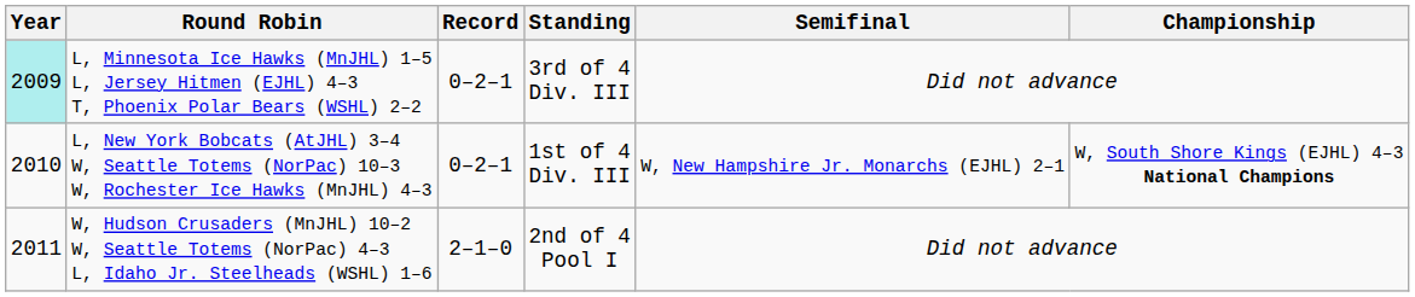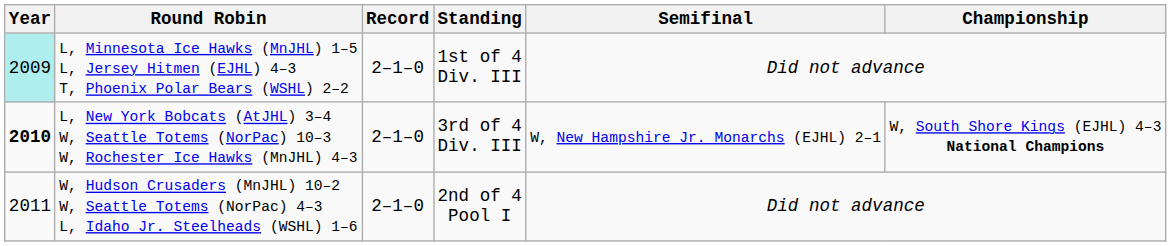 <table class="wikitable" style="text-align:center">
 <tr>
 <th>Year</th>
 <th>Round Robin</th>
 <th>Record</th>
 <th>Standing</th>
 <th>Semifinal</th>
 <th>Championship</th>
 </tr>
 <tr align=center>
 <td style="background: paleturquoise;">2009</td>
 <td align=left><small>L, <a href='#'>Minnesota Ice Hawks</a> (<a href='#'>MnJHL</a>) 1–5<br>L, <a href='#'>Jersey Hitmen</a> (<a href='#'>EJHL</a>) 4–3<br>T, <a href='#'>Phoenix Polar Bears</a> (<a href='#'>WSHL</a>) 2–2</small></td>
-<td>0–2–1</td>
-<td>3rd of 4<br>Div. III</td>
+<td>2–1–0</td>
+<td>1st of 4<br>Div. III</td>
 <td colspan=2><em>Did not advance</em></td>
 </tr>
 <tr>
-<td>2010</td>
+<td><strong>2010</strong></td>
 <td align=left><small>L, <a href='#'>New York Bobcats</a> (<a href='#'>AtJHL</a>) 3–4<br>W, <a href='#'>Seattle Totems</a> (<a href='#'>NorPac</a>) 10–3<br>W, <a href='#'>Rochester Ice Hawks</a> (MnJHL) 4–3</small></td>
-<td>0–2–1</td>
-<td>1st of 4<br>Div. III</td>
+<td>2–1–0</td>
+<td>3rd of 4<br>Div. III</td>
 <td><small>W, <a href='#'>New Hampshire Jr. Monarchs</a> (EJHL) 2–1</small></td>
 <td><small>W, <a href='#'>South Shore Kings</a> (EJHL) 4–3<br><strong>National Champions</strong></small></td>
 </tr>
 <tr>
 <td>2011</td>
 <td align=left><small>W, <a href='#'>Hudson Crusaders</a> (MnJHL) 10–2<br>W, <a href='#'>Seattle Totems</a> (NorPac) 4–3<br>L, <a href='#'>Idaho Jr. Steelheads</a> (WSHL) 1–6</small></td>
 <td>2–1–0</td>
 <td>2nd of 4<br>Pool I</td>
 <td colspan=2><em>Did not advance</em></td>
 </tr>
 </table>
